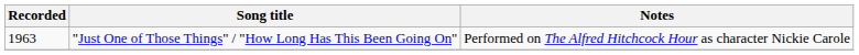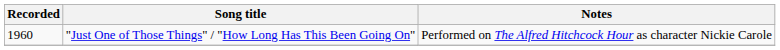 <table class="wikitable">
 <tr bgcolor="#CCCCC">
 <th>Recorded</th>
 <th>Song title</th>
 <th>Notes</th>
 </tr>
 <tr>
-<td>1963</td>
+<td>1960</td>
 <td>"<a href='#'>Just One of Those Things</a>" / "<a href='#'>How Long Has This Been Going On</a>"</td>
 <td>Performed on <em><a href='#'>The Alfred Hitchcock Hour</a></em> as character Nickie Carole</td>
 </tr>
 <tr>
 </tr>
 </table>
